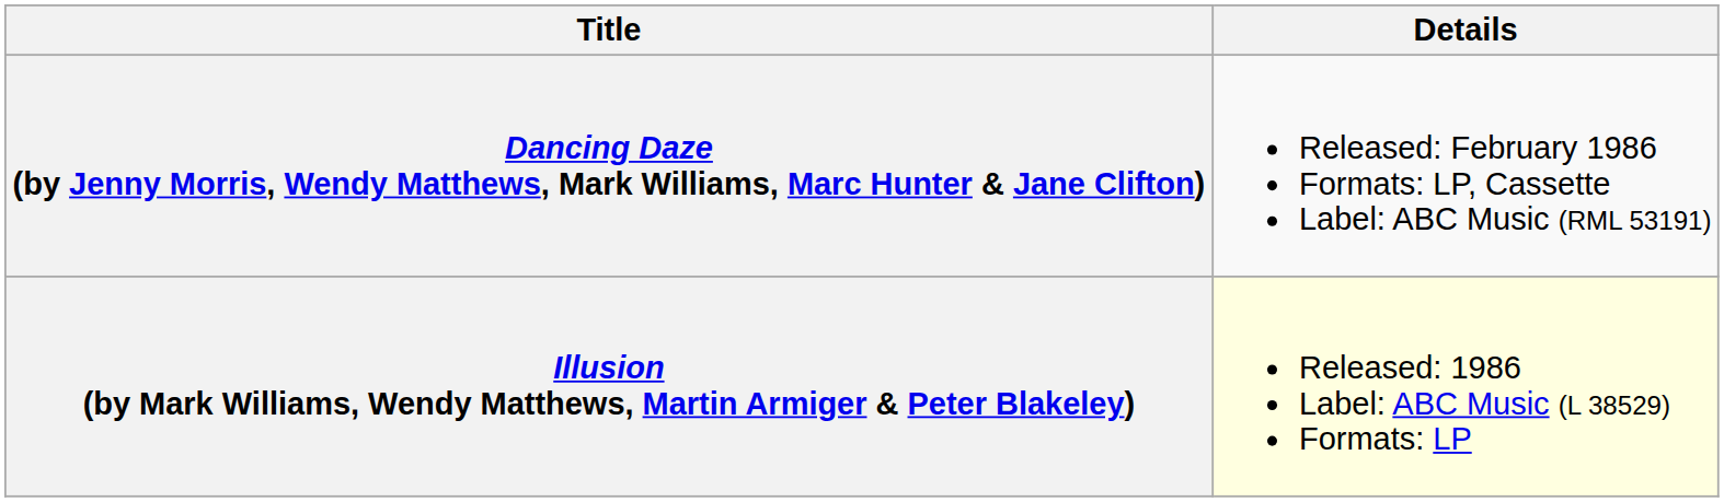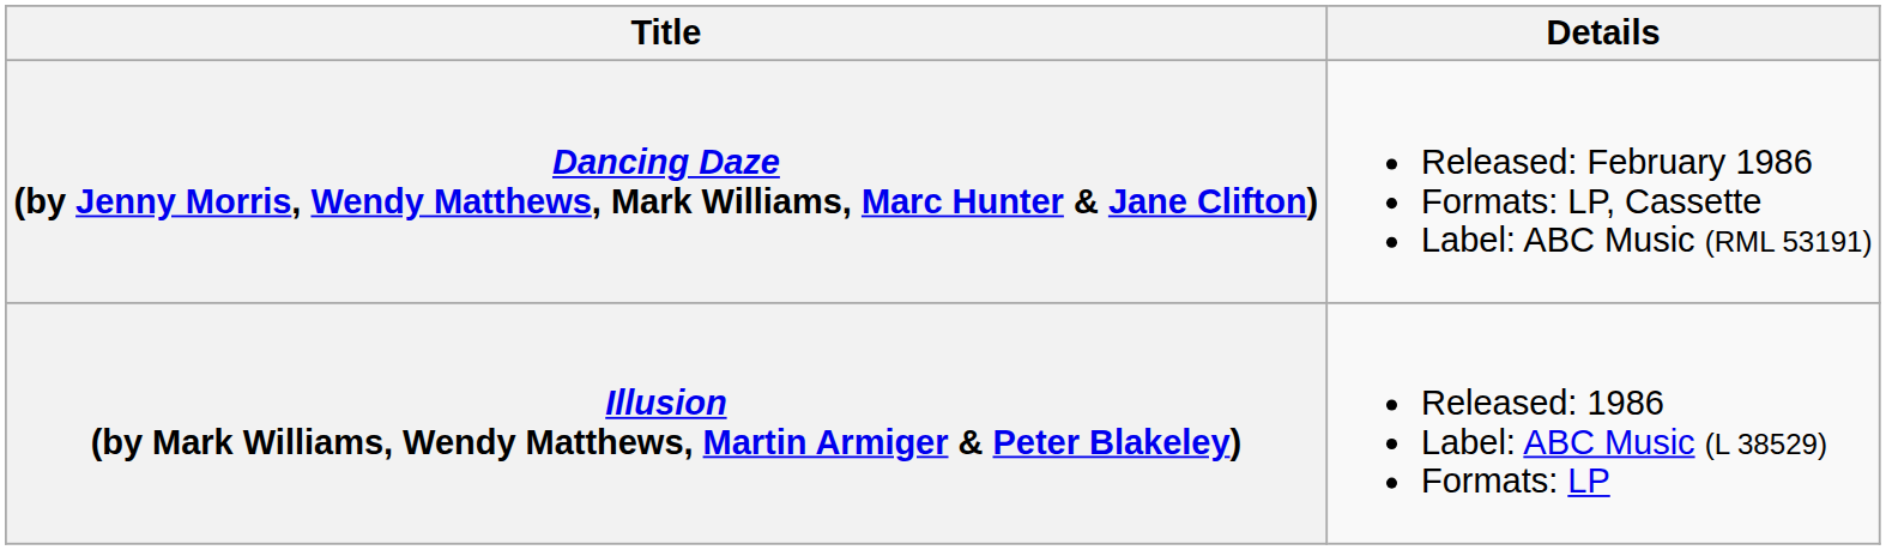 <table class="wikitable plainrowheaders">
 <tr>
 <th scope="col">Title</th>
 <th scope="col">Details</th>
 </tr>
 <tr>
 <th scope="row"><em><a href='#'>Dancing Daze</a></em><br>(by <a href='#'>Jenny Morris</a>, <a href='#'>Wendy Matthews</a>, Mark Williams, <a href='#'>Marc Hunter</a> & <a href='#'>Jane Clifton</a>)</th>
 <td><br><ul><li>Released: February 1986</li><li>Formats: LP, Cassette</li><li>Label: ABC Music <small>(RML 53191)</small></li></ul></td>
 </tr>
 <tr>
 <th scope="row"><em><a href='#'>Illusion</a></em><br>(by Mark Williams, Wendy Matthews, <a href='#'>Martin Armiger</a> & <a href='#'>Peter Blakeley</a>)</th>
-<td style="background: lightyellow;"><br><ul><li>Released: 1986</li><li>Label: <a href='#'>ABC Music</a> <small>(L 38529)</small></li><li>Formats: <a href='#'>LP</a></li></ul></td>
+<td><br><ul><li>Released: 1986</li><li>Label: <a href='#'>ABC Music</a> <small>(L 38529)</small></li><li>Formats: <a href='#'>LP</a></li></ul></td>
 </tr>
 </table>
